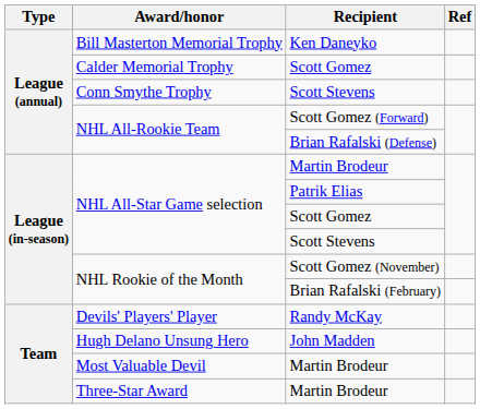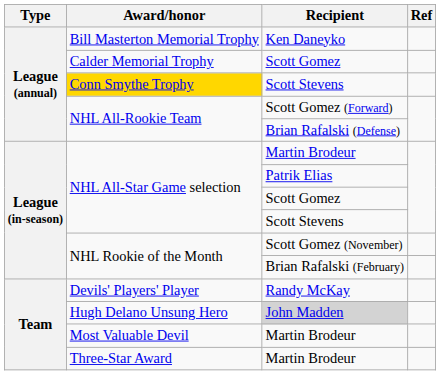 <table class="wikitable">
 <tr>
 <th scope="col">Type</th>
 <th scope="col">Award/honor</th>
 <th scope="col">Recipient</th>
 <th scope="col">Ref</th>
 </tr>
 <tr>
 <th scope="row" rowspan="5">League<br><small>(annual)</small></th>
 <td><a href='#'>Bill Masterton Memorial Trophy</a></td>
 <td><a href='#'>Ken Daneyko</a></td>
 <td></td>
 </tr>
 <tr>
 <td><a href='#'>Calder Memorial Trophy</a></td>
 <td><a href='#'>Scott Gomez</a></td>
 <td></td>
 </tr>
 <tr>
-<td><a href='#'>Conn Smythe Trophy</a></td>
+<td style="background: gold;"><a href='#'>Conn Smythe Trophy</a></td>
 <td><a href='#'>Scott Stevens</a></td>
 <td></td>
 </tr>
 <tr>
 <td rowspan="2"><a href='#'>NHL All-Rookie Team</a></td>
 <td>Scott Gomez <small>(<a href='#'>Forward</a>)</small></td>
 <td rowspan="2"></td>
 </tr>
 <tr>
 <td><a href='#'>Brian Rafalski</a> <small>(<a href='#'>Defense</a>)</small></td>
 </tr>
 <tr>
 <th scope="row" rowspan="6">League<br><small>(in-season)</small></th>
 <td rowspan="4"><a href='#'>NHL All-Star Game</a> selection</td>
 <td><a href='#'>Martin Brodeur</a></td>
 <td rowspan="4"></td>
 </tr>
 <tr>
 <td><a href='#'>Patrik Elias</a></td>
 </tr>
 <tr>
 <td>Scott Gomez</td>
 </tr>
 <tr>
 <td>Scott Stevens</td>
 </tr>
 <tr>
 <td rowspan="2">NHL Rookie of the Month</td>
 <td>Scott Gomez <small>(November)</small></td>
 <td></td>
 </tr>
 <tr>
 <td>Brian Rafalski <small>(February)</small></td>
 <td></td>
 </tr>
 <tr>
 <th scope="row" rowspan="5">Team</th>
 <td><a href='#'>Devils' Players' Player</a></td>
 <td><a href='#'>Randy McKay</a></td>
 <td></td>
 </tr>
 <tr>
 <td><a href='#'>Hugh Delano Unsung Hero</a></td>
-<td><a href='#'>John Madden</a></td>
+<td style="background: lightgrey;"><a href='#'>John Madden</a></td>
 <td></td>
 </tr>
 <tr>
 <td><a href='#'>Most Valuable Devil</a></td>
 <td>Martin Brodeur</td>
 <td></td>
 </tr>
 <tr>
 <td><a href='#'>Three-Star Award</a></td>
 <td>Martin Brodeur</td>
 <td></td>
 </tr>
 </table>
